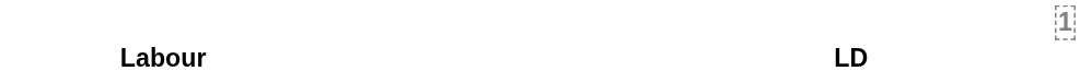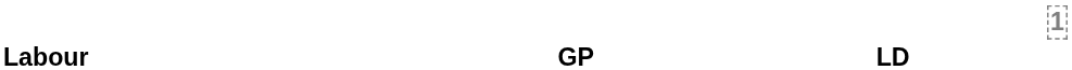 <table style="width:100%; text-align:center;">
 <tr style="color:white;">
 <td style="background:"><strong>90</strong></td>
+<td style="background:"><strong>3</strong></td>
 <td style="background:"><strong>2</strong></td>
 <td style="color:grey; background:white; width:1.04%; border: 1px dashed grey"><strong>1</strong></td>
 </tr>
 <tr>
 <td><span><strong>Labour</strong></span></td>
+<td><span><strong>GP</strong></span></td>
 <td><span><strong>LD</strong></span></td>
 <td><span></span></td>
 </tr>
 </table>
